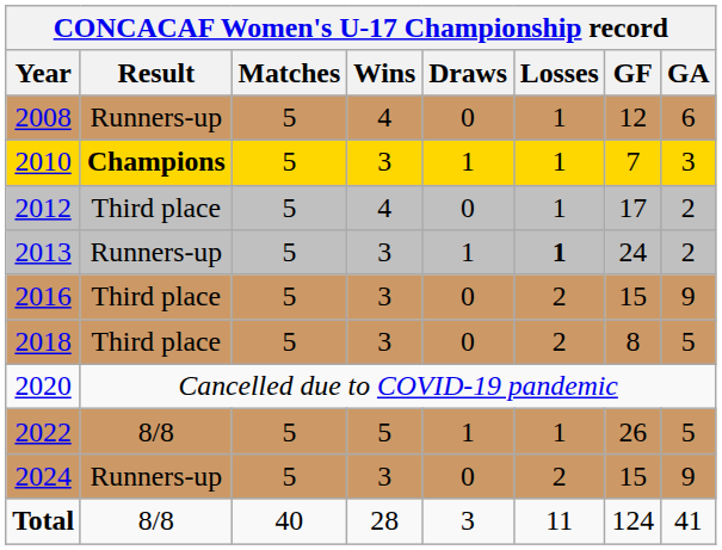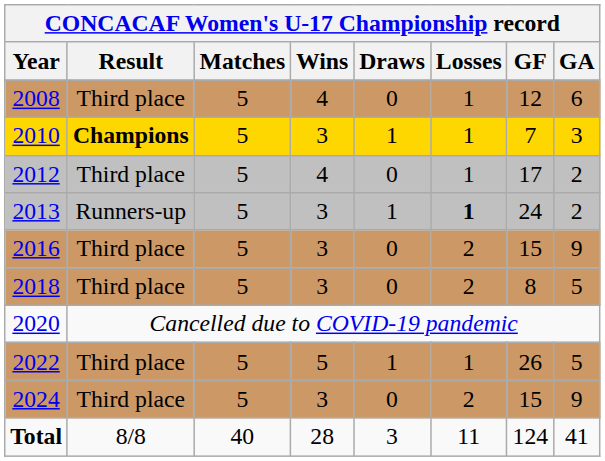 <table class="wikitable" style="text-align: center;">
 <tr>
 <th colspan=10><a href='#'>CONCACAF Women's U-17 Championship</a> record</th>
 </tr>
 <tr>
 <th>Year</th>
 <th>Result</th>
 <th>Matches</th>
 <th>Wins</th>
 <th>Draws</th>
 <th>Losses</th>
 <th>GF</th>
 <th>GA</th>
 </tr>
 <tr style="background:#c96;">
 <td> <a href='#'>2008</a></td>
-<td>Runners-up</td>
+<td>Third place</td>
 <td>5</td>
 <td>4</td>
 <td>0</td>
 <td>1</td>
 <td>12</td>
 <td>6</td>
 </tr>
 <tr bgcolor=gold>
 <td> <a href='#'>2010</a></td>
 <td><strong>Champions</strong></td>
 <td>5</td>
 <td>3</td>
 <td>1</td>
 <td>1</td>
 <td>7</td>
 <td>3</td>
 </tr>
 <tr bgcolor=silver>
 <td> <a href='#'>2012</a></td>
 <td>Third place</td>
 <td>5</td>
 <td>4</td>
 <td>0</td>
 <td>1</td>
 <td>17</td>
 <td>2</td>
 </tr>
 <tr bgcolor=silver>
 <td> <a href='#'>2013</a></td>
 <td>Runners-up</td>
 <td>5</td>
 <td>3</td>
 <td>1</td>
 <td><strong>1</strong></td>
 <td>24</td>
 <td>2</td>
 </tr>
 <tr style="background:#c96;">
 <td> <a href='#'>2016</a></td>
 <td>Third place</td>
 <td>5</td>
 <td>3</td>
 <td>0</td>
 <td>2</td>
 <td>15</td>
 <td>9</td>
 </tr>
 <tr style="background:#c96;">
 <td> <a href='#'>2018</a></td>
 <td>Third place</td>
 <td>5</td>
 <td>3</td>
 <td>0</td>
 <td>2</td>
 <td>8</td>
 <td>5</td>
 </tr>
 <tr>
 <td> <a href='#'>2020</a></td>
 <td colspan=7><em>Cancelled due to <a href='#'>COVID-19 pandemic</a></em></td>
 </tr>
 <tr style="background:#c96;">
 <td> <a href='#'>2022</a></td>
-<td>8/8</td>
+<td>Third place</td>
 <td>5</td>
 <td>5</td>
 <td>1</td>
 <td>1</td>
 <td>26</td>
 <td>5</td>
 </tr>
 <tr style="background:#c96;">
 <td> <a href='#'>2024</a></td>
-<td>Runners-up</td>
+<td>Third place</td>
 <td>5</td>
 <td>3</td>
 <td>0</td>
 <td>2</td>
 <td>15</td>
 <td>9</td>
 </tr>
 <tr>
 <td><strong>Total</strong></td>
 <td>8/8</td>
 <td>40</td>
 <td>28</td>
 <td>3</td>
 <td>11</td>
 <td>124</td>
 <td>41</td>
 </tr>
 </table>
